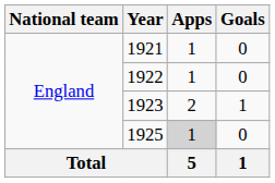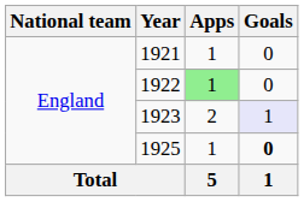 <table class="wikitable" style="text-align: center;">
 <tr>
 <th>National team</th>
 <th>Year</th>
 <th>Apps</th>
 <th>Goals</th>
 </tr>
 <tr>
 <td rowspan="4"><a href='#'>England</a></td>
 <td>1921</td>
 <td>1</td>
 <td>0</td>
 </tr>
 <tr>
 <td>1922</td>
-<td>1</td>
+<td style="background: lightgreen;">1</td>
 <td>0</td>
 </tr>
 <tr>
 <td>1923</td>
 <td>2</td>
-<td>1</td>
+<td style="background: lavender;">1</td>
 </tr>
 <tr>
 <td>1925</td>
-<td style="background: lightgrey;">1</td>
-<td>0</td>
+<td>1</td>
+<td><strong>0</strong></td>
 </tr>
 <tr>
 <th colspan="2">Total</th>
 <th>5</th>
 <th>1</th>
 </tr>
 </table>
